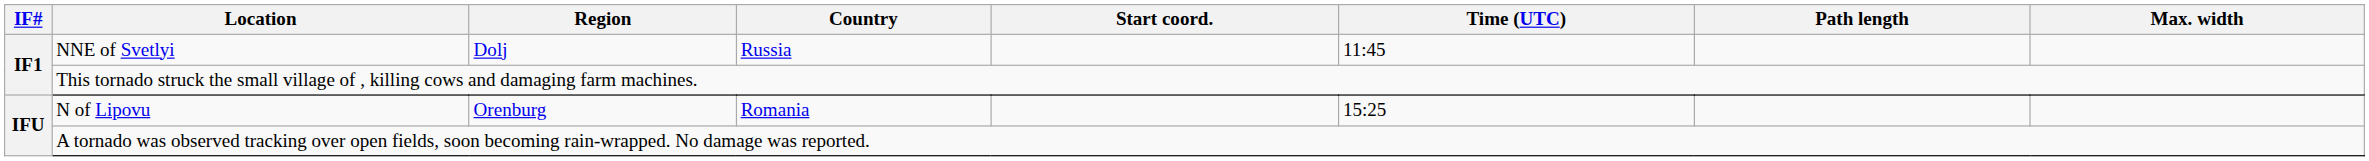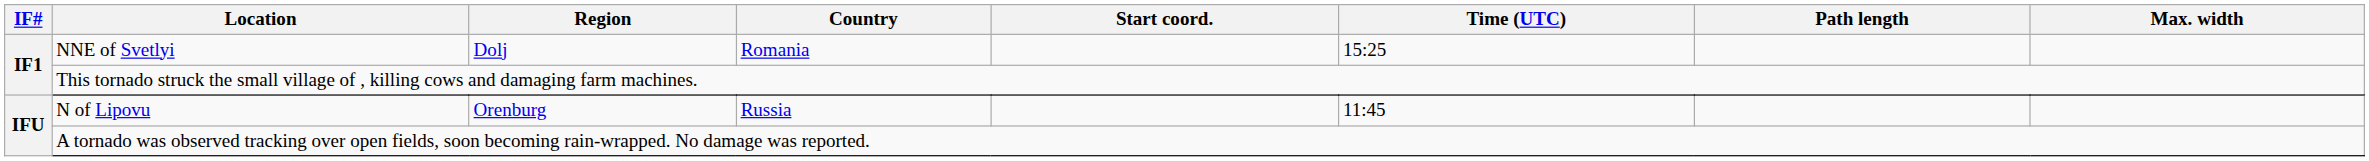 <table class="wikitable sortable" style="width:100%;">
 <tr>
 <th scope="col" width="2%" align="center"><a href='#'>IF#</a></th>
 <th scope="col" align="center" class="unsortable">Location</th>
 <th scope="col" align="center" class="unsortable">Region</th>
 <th scope="col" align="center">Country</th>
 <th scope="col" align="center">Start coord.</th>
 <th scope="col" align="center">Time (<a href='#'>UTC</a>)</th>
 <th scope="col" align="center">Path length</th>
 <th scope="col" align="center">Max. width</th>
 </tr>
 <tr>
 <th scope="row" rowspan="2" style="background-color:#">IF1</th>
 <td>NNE of <a href='#'>Svetlyi</a></td>
 <td><a href='#'>Dolj</a></td>
-<td><a href='#'>Russia</a></td>
+<td><a href='#'>Romania</a></td>
 <td></td>
-<td>11:45</td>
+<td>15:25</td>
 <td></td>
 <td></td>
 </tr>
 <tr class="expand-child">
 <td colspan="8" style=" border-bottom: 1px solid black;">This tornado struck the small village of , killing cows and damaging farm machines.</td>
 </tr>
 <tr>
 <th scope="row" rowspan="2" style="background-color:#">IFU</th>
 <td>N of <a href='#'>Lipovu</a></td>
 <td><a href='#'>Orenburg</a></td>
-<td><a href='#'>Romania</a></td>
+<td><a href='#'>Russia</a></td>
 <td></td>
-<td>15:25</td>
+<td>11:45</td>
 <td></td>
 <td></td>
 </tr>
 <tr class="expand-child">
 <td colspan="8" style=" border-bottom: 1px solid black;">A tornado was observed tracking over open fields, soon becoming rain-wrapped. No damage was reported.</td>
 </tr>
 </table>
